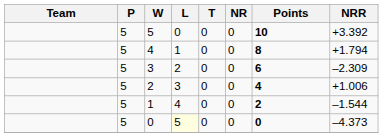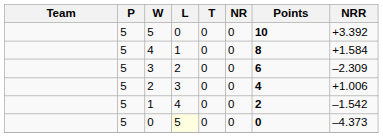 <table class="wikitable">
 <tr>
 <th width=150>Team</th>
 <th width=30 abbr="Played">P</th>
 <th width=30 abbr="Won">W</th>
 <th width=30 abbr="Lost">L</th>
 <th width=30 abbr="Tied">T</th>
 <th width=30 abbr="No result">NR</th>
 <th width=100 abbr="Points">Points</th>
 <th width=60 abbr="Net run rate">NRR</th>
 </tr>
 <tr>
 <td align="left"></td>
 <td>5</td>
 <td>5</td>
 <td>0</td>
 <td>0</td>
 <td>0</td>
 <td><strong>10</strong></td>
 <td>+3.392</td>
 </tr>
 <tr>
 <td align="left"></td>
 <td>5</td>
 <td>4</td>
 <td>1</td>
 <td>0</td>
 <td>0</td>
 <td><strong>8</strong></td>
-<td>+1.794</td>
+<td>+1.584</td>
 </tr>
 <tr>
 <td align="left"></td>
 <td>5</td>
 <td>3</td>
 <td>2</td>
 <td>0</td>
 <td>0</td>
 <td><strong>6</strong></td>
 <td>–2.309</td>
 </tr>
 <tr>
 <td align="left"></td>
 <td>5</td>
 <td>2</td>
 <td>3</td>
 <td>0</td>
 <td>0</td>
 <td><strong>4</strong></td>
 <td>+1.006</td>
 </tr>
 <tr>
 <td align="left"></td>
 <td>5</td>
 <td>1</td>
 <td>4</td>
 <td>0</td>
 <td>0</td>
 <td><strong>2</strong></td>
-<td>–1.544</td>
+<td>–1.542</td>
 </tr>
 <tr>
 <td align="left"></td>
 <td>5</td>
 <td>0</td>
 <td style="background: lightyellow;">5</td>
 <td>0</td>
 <td>0</td>
 <td><strong>0</strong></td>
 <td>–4.373</td>
 </tr>
 <tr>
 </tr>
 </table>
